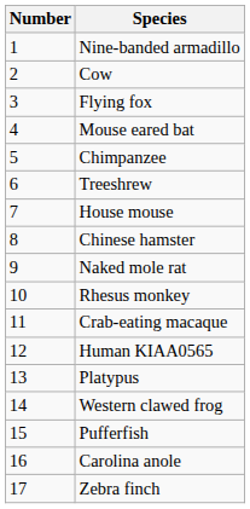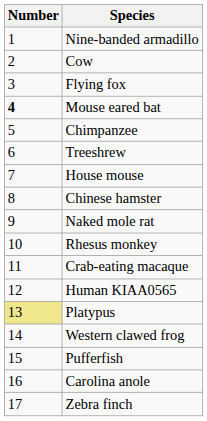 <table class="wikitable">
 <tr>
 <th>Number</th>
 <th>Species</th>
 </tr>
 <tr>
 <td>1</td>
 <td>Nine-banded armadillo</td>
 </tr>
 <tr>
 <td>2</td>
 <td>Cow</td>
 </tr>
 <tr>
 <td>3</td>
 <td>Flying fox</td>
 </tr>
 <tr>
-<td>4</td>
+<td><strong>4</strong></td>
 <td>Mouse eared bat</td>
 </tr>
 <tr>
 <td>5</td>
 <td>Chimpanzee</td>
 </tr>
 <tr>
 <td>6</td>
 <td>Treeshrew</td>
 </tr>
 <tr>
 <td>7</td>
 <td>House mouse</td>
 </tr>
 <tr>
 <td>8</td>
 <td>Chinese hamster</td>
 </tr>
 <tr>
 <td>9</td>
 <td>Naked mole rat</td>
 </tr>
 <tr>
 <td>10</td>
 <td>Rhesus monkey</td>
 </tr>
 <tr>
 <td>11</td>
 <td>Crab-eating macaque</td>
 </tr>
 <tr>
 <td>12</td>
 <td>Human KIAA0565</td>
 </tr>
 <tr>
-<td>13</td>
+<td style="background: khaki;">13</td>
 <td>Platypus</td>
 </tr>
 <tr>
 <td>14</td>
 <td>Western clawed frog</td>
 </tr>
 <tr>
 <td>15</td>
 <td>Pufferfish</td>
 </tr>
 <tr>
 <td>16</td>
 <td>Carolina anole</td>
 </tr>
 <tr>
 <td>17</td>
 <td>Zebra finch</td>
 </tr>
 </table>
